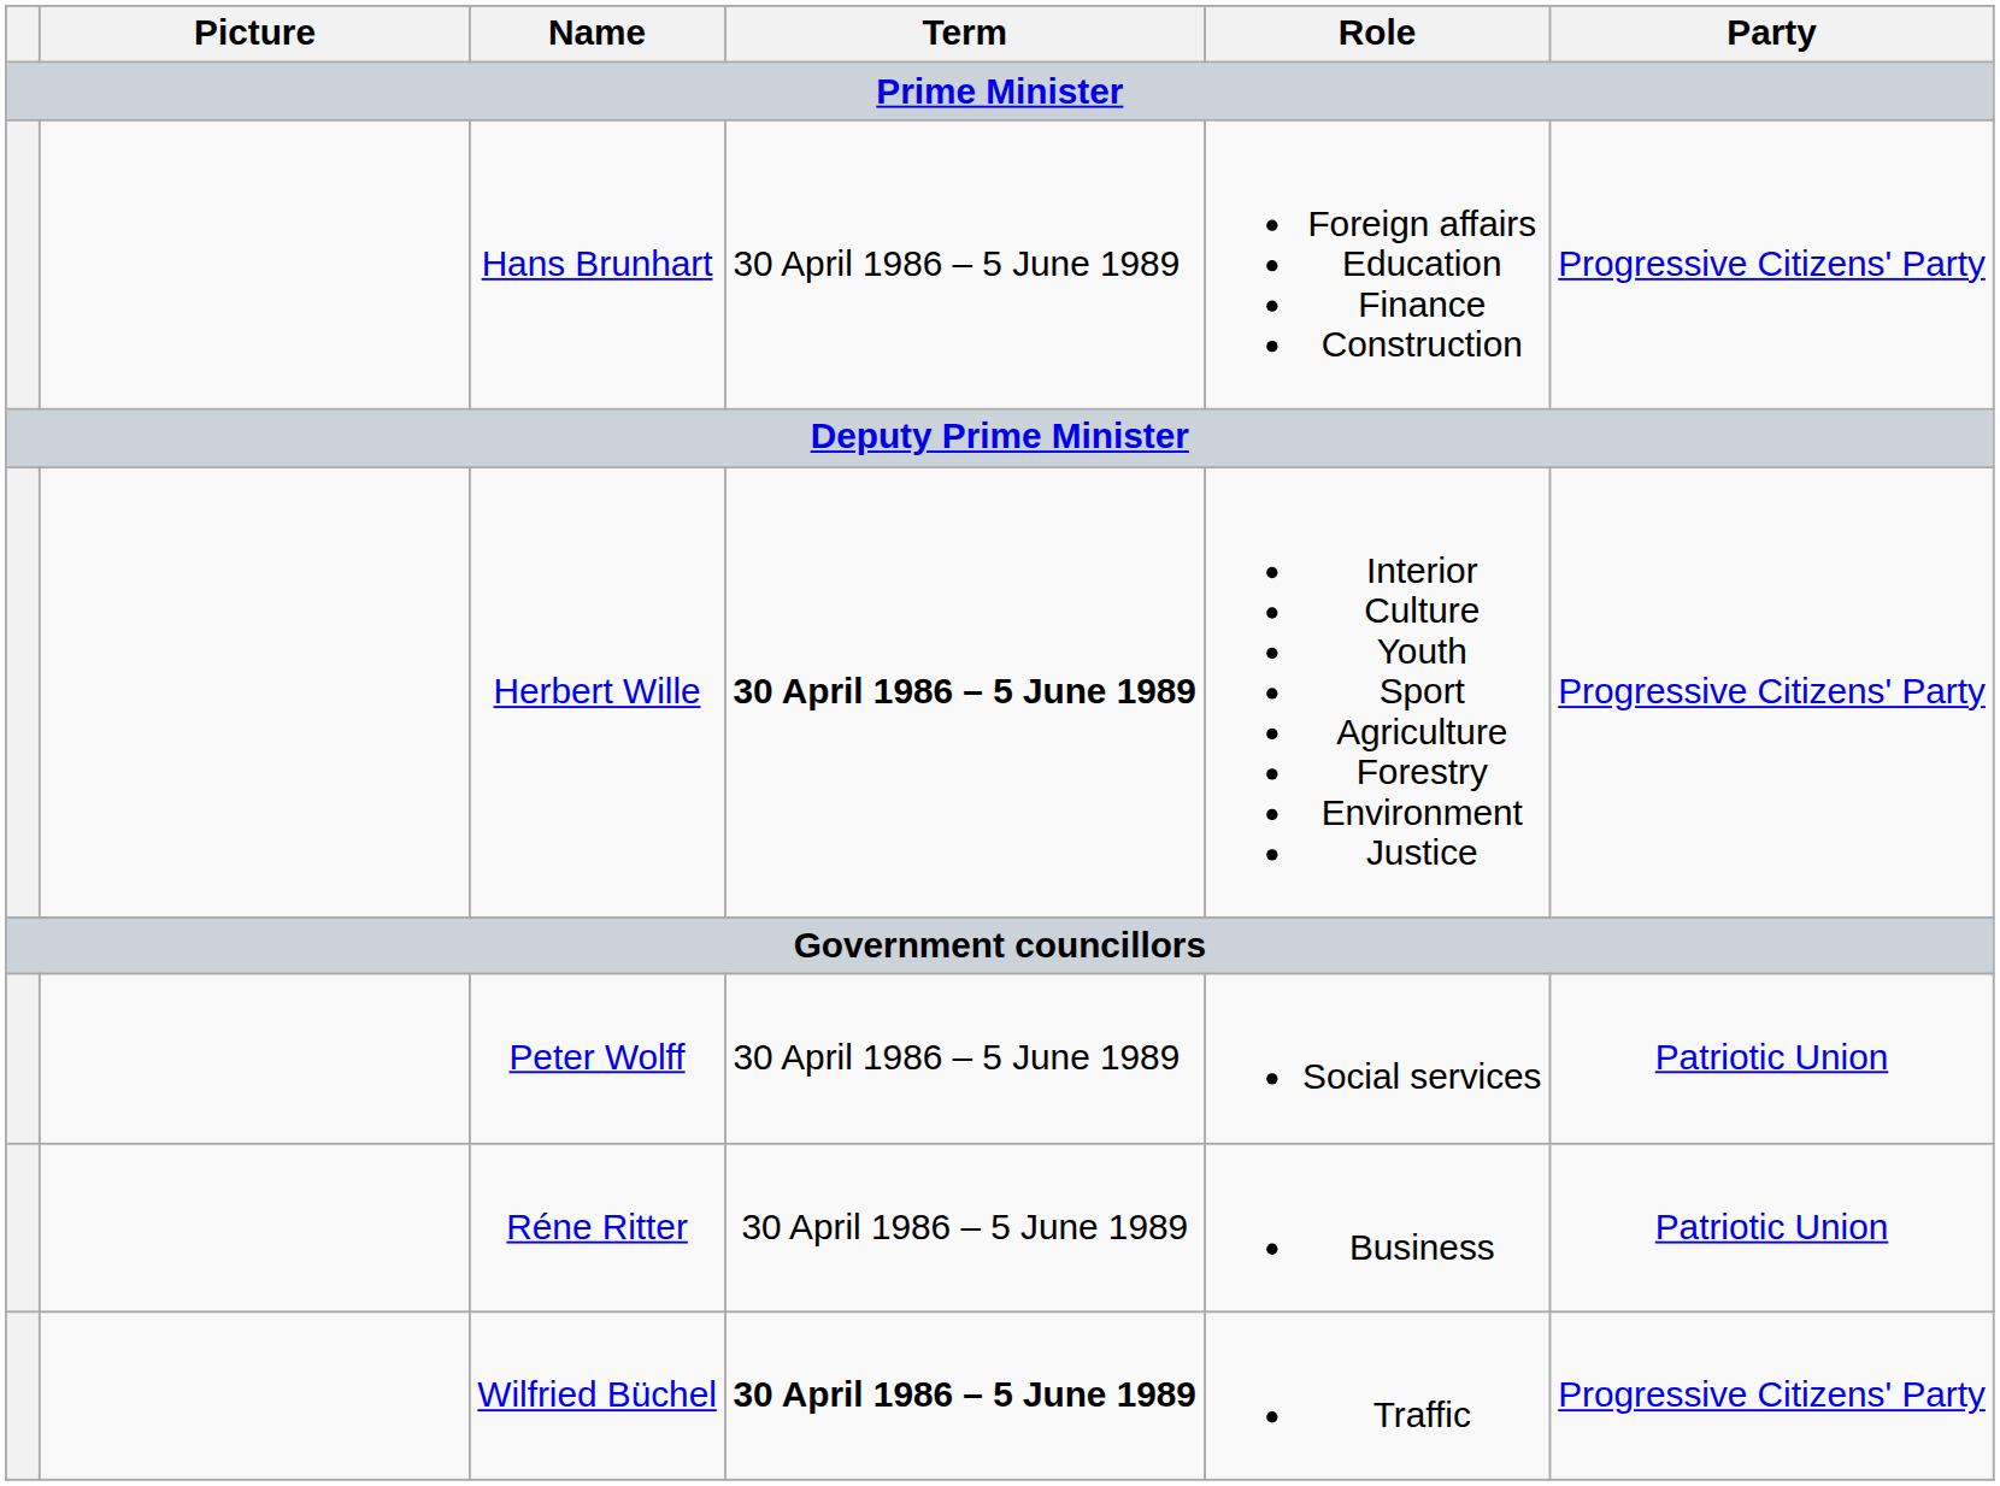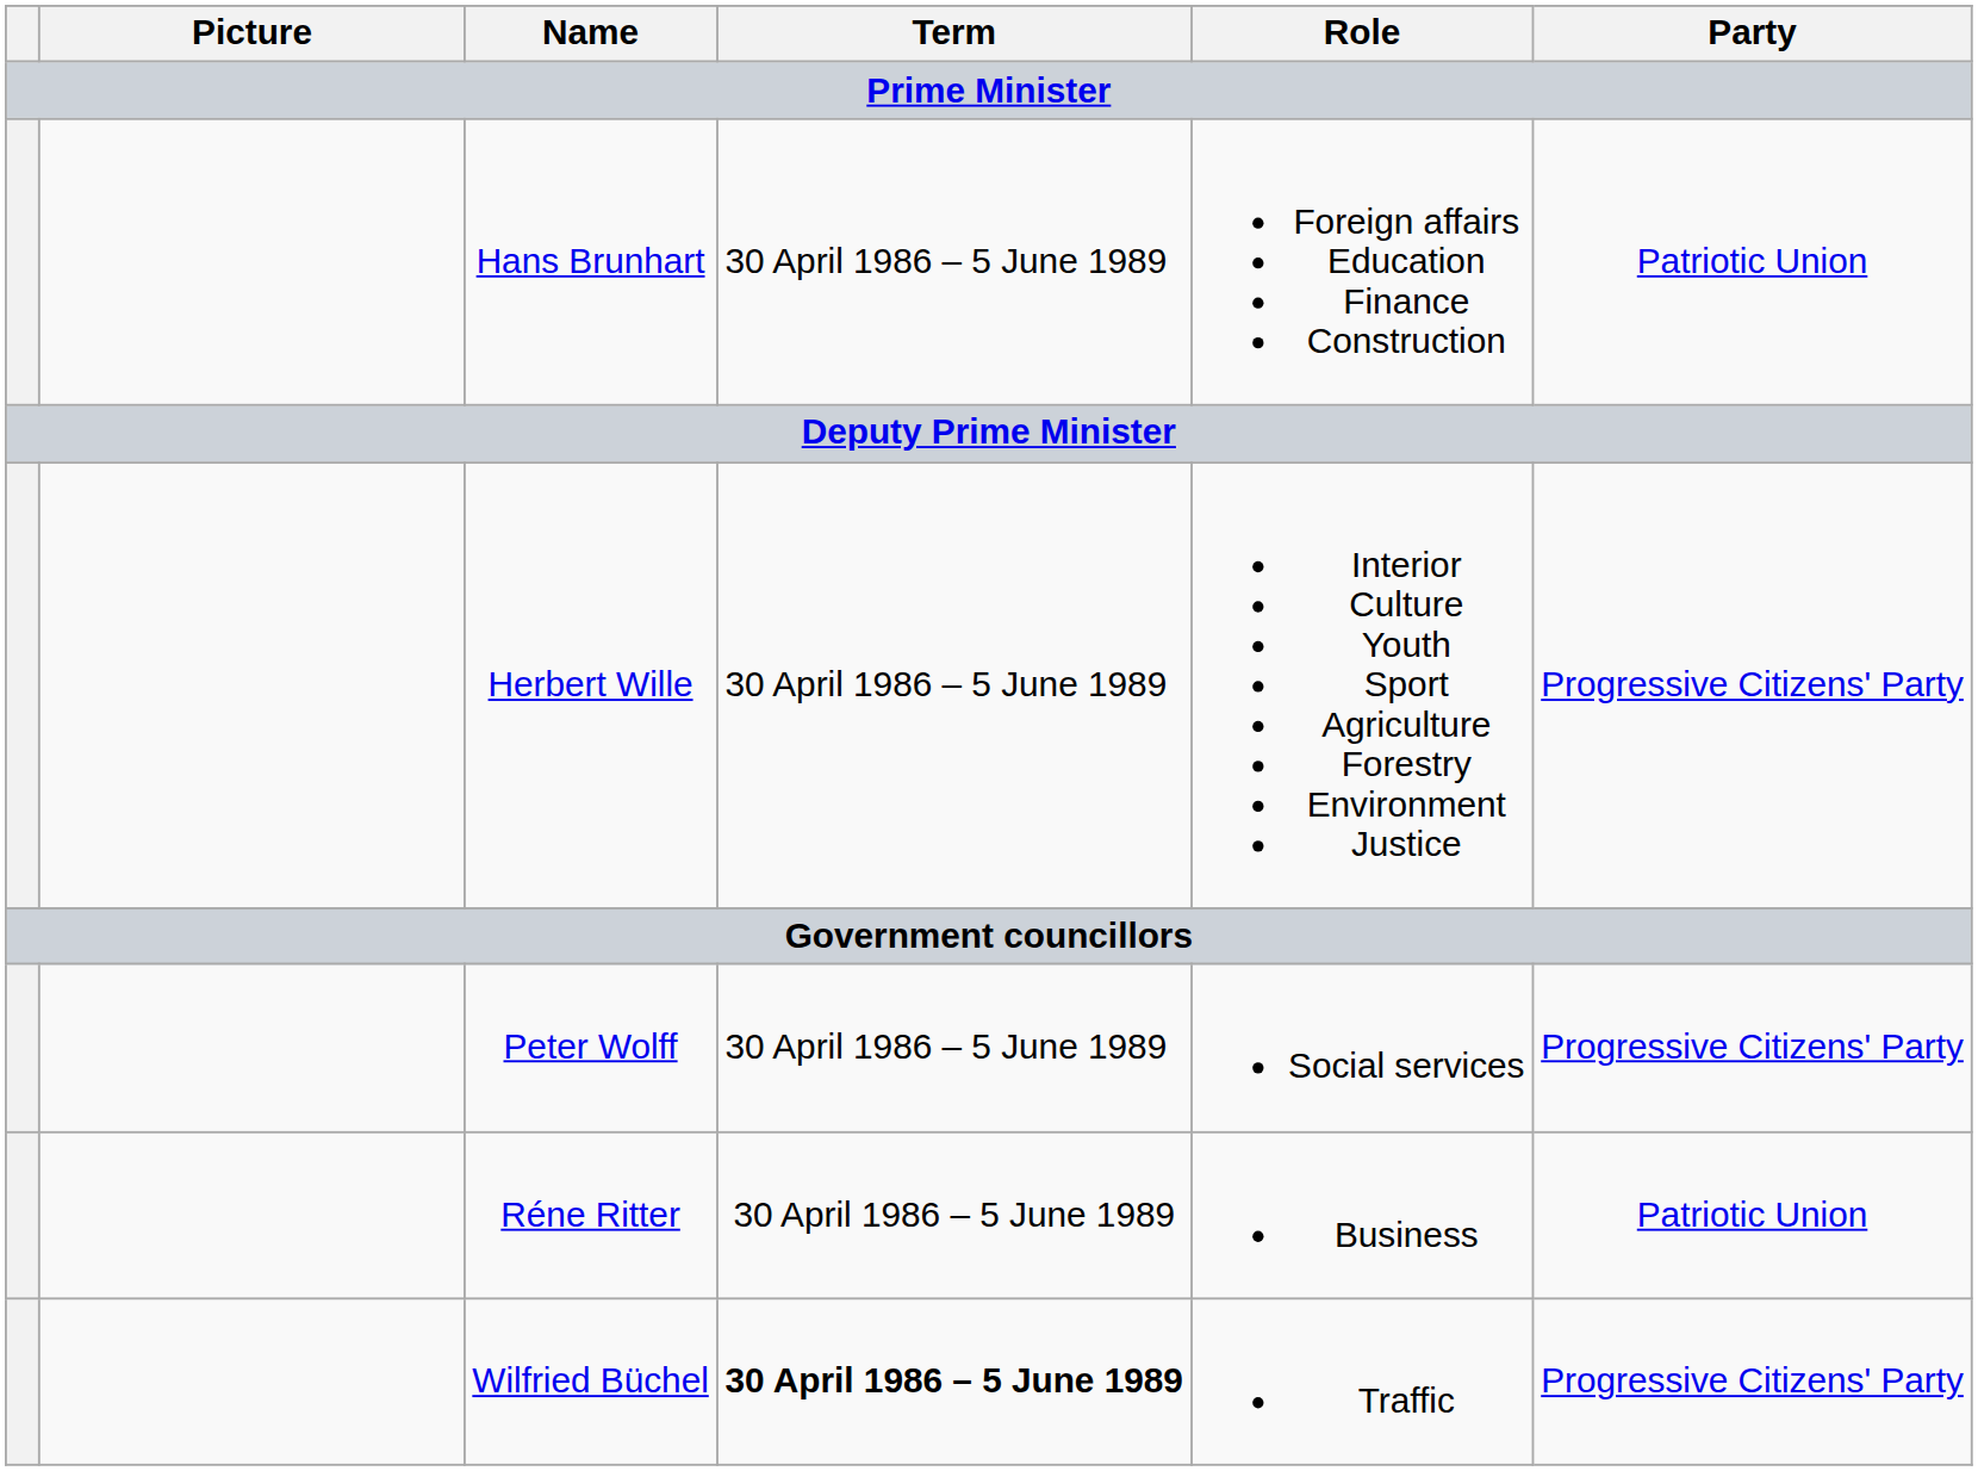 <table class="wikitable" style="text-align:center">
 <tr>
 <th style="width: 0.5em"></th>
 <th style="width: 11.5em">Picture</th>
 <th>Name</th>
 <th>Term</th>
 <th>Role</th>
 <th>Party</th>
 </tr>
 <tr>
 <th colspan="7" style="background:#CCD2D9"><a href='#'>Prime Minister</a></th>
 </tr>
 <tr>
 <th style="background:"></th>
 <td></td>
 <td><a href='#'>Hans Brunhart</a></td>
 <td style="text-align:left">30 April 1986 – 5 June 1989</td>
 <td><br><ul><li>Foreign affairs</li><li>Education</li><li>Finance</li><li>Construction</li></ul></td>
-<td><a href='#'>Progressive Citizens' Party</a></td>
+<td><a href='#'>Patriotic Union</a></td>
 </tr>
 <tr>
 <th colspan="7" style="background:#CCD2D9"><a href='#'>Deputy Prime Minister</a></th>
 </tr>
 <tr>
 <th style="background:"></th>
 <td></td>
 <td><a href='#'>Herbert Wille</a></td>
-<td style="text-align:left"><strong>30 April 1986 – 5 June 1989</strong></td>
+<td style="text-align:left">30 April 1986 – 5 June 1989</td>
 <td><br><ul><li>Interior</li><li>Culture</li><li>Youth</li><li>Sport</li><li>Agriculture</li><li>Forestry</li><li>Environment</li><li>Justice</li></ul></td>
 <td><a href='#'>Progressive Citizens' Party</a></td>
 </tr>
 <tr>
 <th colspan="7" style="background:#CCD2D9">Government councillors</th>
 </tr>
 <tr>
 <th style="background:"></th>
 <td></td>
 <td><a href='#'>Peter Wolff</a></td>
 <td style="text-align:left">30 April 1986 – 5 June 1989</td>
 <td><br><ul><li>Social services</li></ul></td>
-<td><a href='#'>Patriotic Union</a></td>
+<td><a href='#'>Progressive Citizens' Party</a></td>
 </tr>
 <tr>
 <th style="background:"></th>
 <td></td>
 <td><a href='#'>Réne Ritter</a></td>
 <td>30 April 1986 – 5 June 1989</td>
 <td><br><ul><li>Business</li></ul></td>
 <td><a href='#'>Patriotic Union</a></td>
 </tr>
 <tr>
 <th style="background:"></th>
 <td></td>
 <td><a href='#'>Wilfried Büchel</a></td>
 <td><strong>30 April 1986 – 5 June 1989</strong></td>
 <td><br><ul><li>Traffic</li></ul></td>
 <td><a href='#'>Progressive Citizens' Party</a></td>
 </tr>
 </table>
